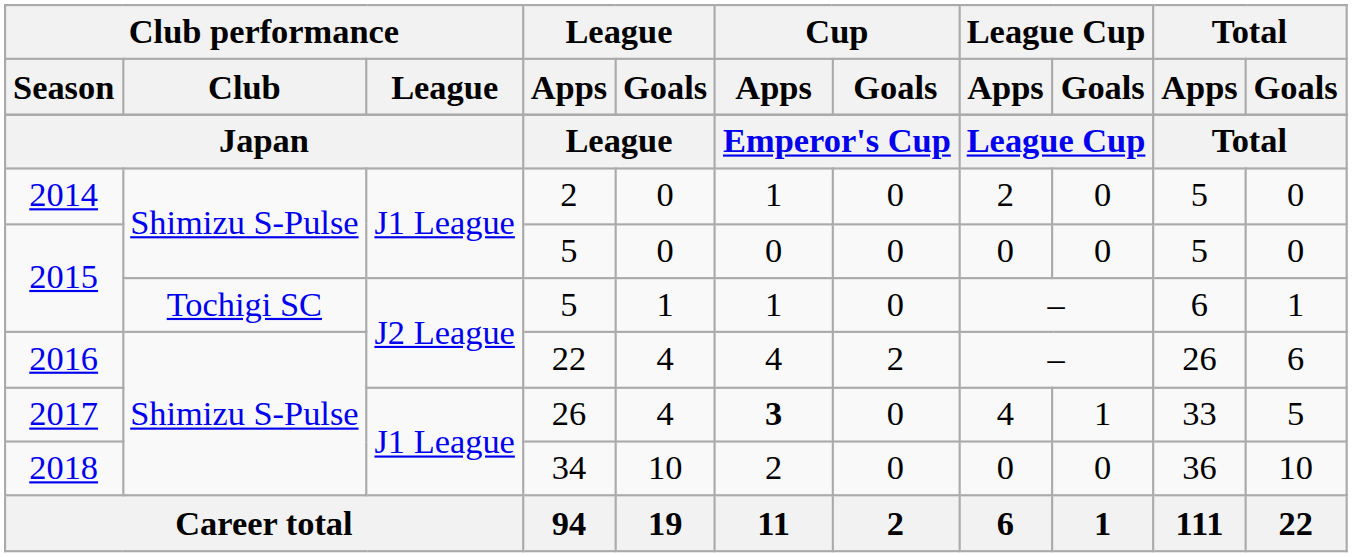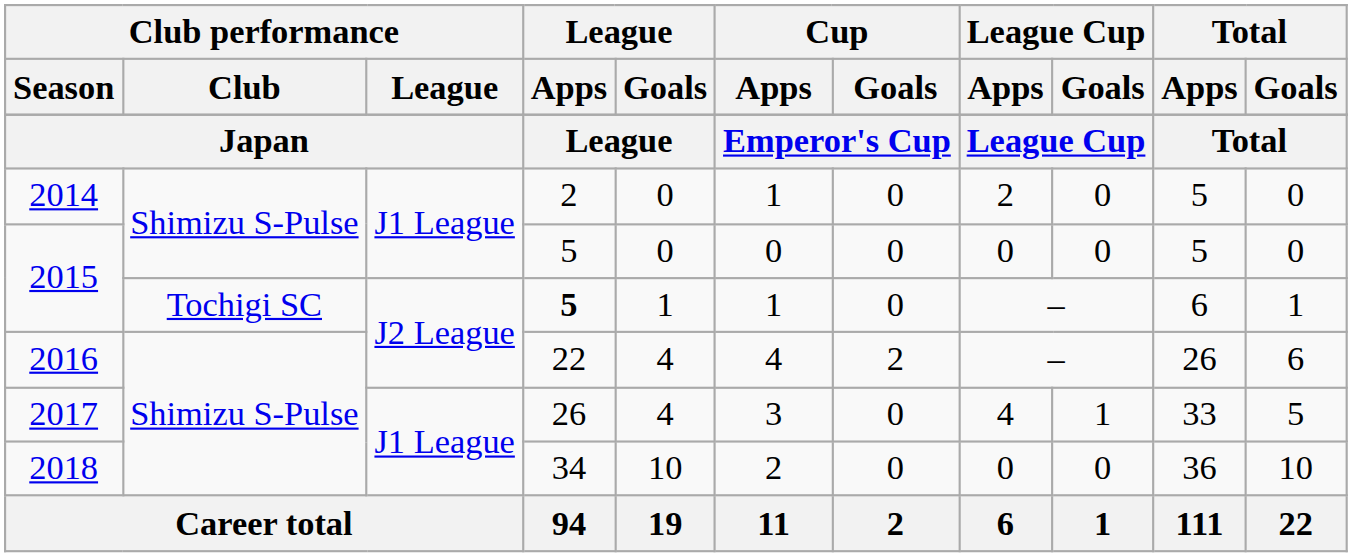 <table class="wikitable" style="text-align:center">
 <tr>
 <th colspan=3>Club performance</th>
 <th colspan=2>League</th>
 <th colspan=2>Cup</th>
 <th colspan=2>League Cup</th>
 <th colspan=2>Total</th>
 </tr>
 <tr>
 <th>Season</th>
 <th>Club</th>
 <th>League</th>
 <th>Apps</th>
 <th>Goals</th>
 <th>Apps</th>
 <th>Goals</th>
 <th>Apps</th>
 <th>Goals</th>
 <th>Apps</th>
 <th>Goals</th>
 </tr>
 <tr>
 </tr>
 <tr>
 <th colspan=3>Japan</th>
 <th colspan=2>League</th>
 <th colspan=2><a href='#'>Emperor's Cup</a></th>
 <th colspan=2><a href='#'>League Cup</a></th>
 <th colspan=2>Total</th>
 </tr>
 <tr>
 <td><a href='#'>2014</a></td>
 <td rowspan="2"><a href='#'>Shimizu S-Pulse</a></td>
 <td rowspan="2"><a href='#'>J1 League</a></td>
 <td>2</td>
 <td>0</td>
 <td>1</td>
 <td>0</td>
 <td>2</td>
 <td>0</td>
 <td>5</td>
 <td>0</td>
 </tr>
 <tr>
 <td rowspan="2"><a href='#'>2015</a></td>
 <td>5</td>
 <td>0</td>
 <td>0</td>
 <td>0</td>
 <td>0</td>
 <td>0</td>
 <td>5</td>
 <td>0</td>
 </tr>
 <tr>
 <td><a href='#'>Tochigi SC</a></td>
 <td rowspan="2"><a href='#'>J2 League</a></td>
-<td>5</td>
+<td><strong>5</strong></td>
 <td>1</td>
 <td>1</td>
 <td>0</td>
 <td colspan="2">–</td>
 <td>6</td>
 <td>1</td>
 </tr>
 <tr>
 <td><a href='#'>2016</a></td>
 <td rowspan="3"><a href='#'>Shimizu S-Pulse</a></td>
 <td>22</td>
 <td>4</td>
 <td>4</td>
 <td>2</td>
 <td colspan="2">–</td>
 <td>26</td>
 <td>6</td>
 </tr>
 <tr>
 <td><a href='#'>2017</a></td>
 <td rowspan="2"><a href='#'>J1 League</a></td>
 <td>26</td>
 <td>4</td>
-<td><strong>3</strong></td>
+<td>3</td>
 <td>0</td>
 <td>4</td>
 <td>1</td>
 <td>33</td>
 <td>5</td>
 </tr>
 <tr>
 <td><a href='#'>2018</a></td>
 <td>34</td>
 <td>10</td>
 <td>2</td>
 <td>0</td>
 <td>0</td>
 <td>0</td>
 <td>36</td>
 <td>10</td>
 </tr>
 <tr>
 <th colspan=3>Career total</th>
 <th>94</th>
 <th>19</th>
 <th>11</th>
 <th>2</th>
 <th>6</th>
 <th>1</th>
 <th>111</th>
 <th>22</th>
 </tr>
 </table>
